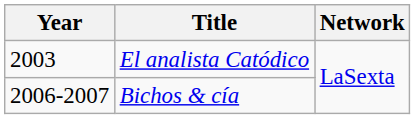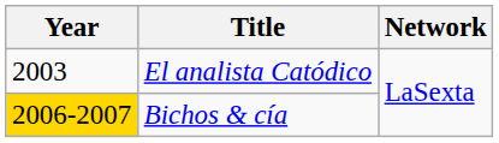 <table class="wikitable sortable">
 <tr>
 <th>Year</th>
 <th>Title</th>
 <th>Network</th>
 </tr>
 <tr>
 <td>2003</td>
 <td><em><a href='#'>El analista Catódico</a></em></td>
 <td rowspan="2"><a href='#'>LaSexta</a></td>
 </tr>
 <tr>
-<td>2006-2007</td>
+<td style="background: gold;">2006-2007</td>
 <td><em><a href='#'>Bichos & cía</a></em></td>
 </tr>
 </table>
